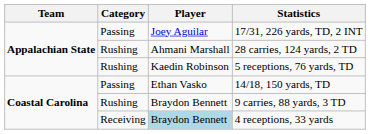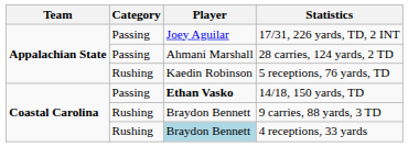 <table class="wikitable" style="float: right;">
 <tr>
 <th>Team</th>
 <th>Category</th>
 <th>Player</th>
 <th>Statistics</th>
 </tr>
 <tr>
 <td rowspan=3><strong>Appalachian State</strong></td>
 <td>Passing</td>
 <td><a href='#'>Joey Aguilar</a></td>
 <td>17/31, 226 yards, TD, 2 INT</td>
 </tr>
 <tr>
-<td>Rushing</td>
+<td>Passing</td>
 <td>Ahmani Marshall</td>
 <td>28 carries, 124 yards, 2 TD</td>
 </tr>
 <tr>
 <td>Rushing</td>
 <td>Kaedin Robinson</td>
 <td>5 receptions, 76 yards, TD</td>
 </tr>
 <tr>
 <td rowspan=3><strong>Coastal Carolina</strong></td>
 <td>Passing</td>
-<td>Ethan Vasko</td>
+<td><strong>Ethan Vasko</strong></td>
 <td>14/18, 150 yards, TD</td>
 </tr>
 <tr>
 <td>Rushing</td>
 <td>Braydon Bennett</td>
 <td>9 carries, 88 yards, 3 TD</td>
 </tr>
 <tr>
-<td>Receiving</td>
+<td>Rushing</td>
 <td style="background: lightblue;">Braydon Bennett</td>
 <td>4 receptions, 33 yards</td>
 </tr>
 </table>
